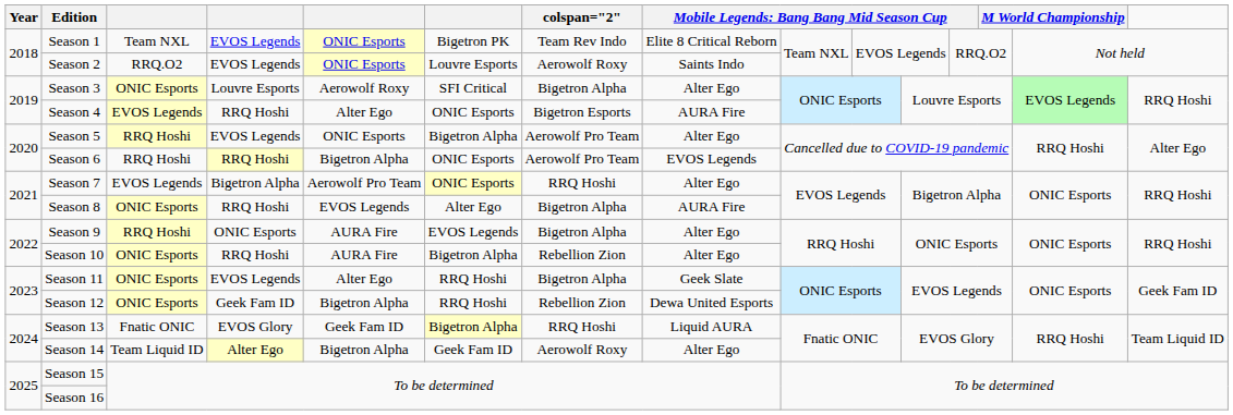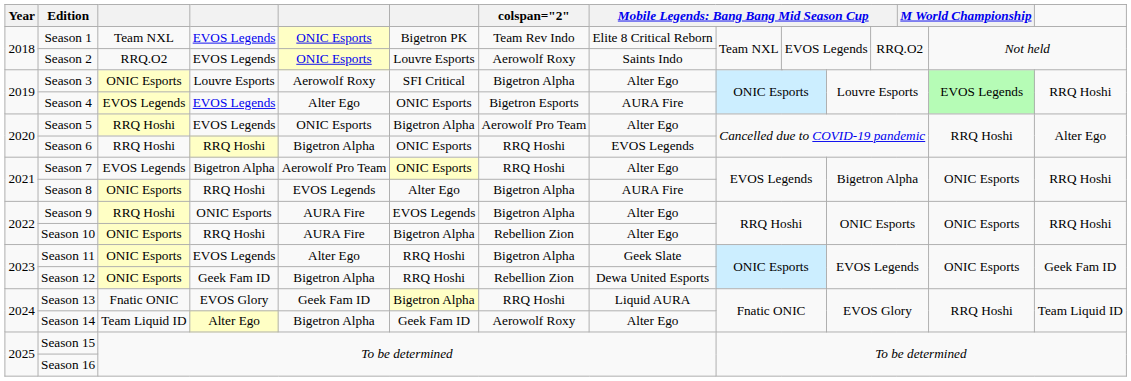 <table class="wikitable" style="text-align:center; margin-left: auto; margin-right: auto; font-size:90%;">
 <tr>
 <th>Year</th>
 <th>Edition</th>
 <th></th>
 <th></th>
 <th></th>
 <th></th>
 <th>colspan="2" </th>
 <th colspan="6"><em><a href='#'>Mobile Legends: Bang Bang Mid Season Cup</a></em></th>
 <th colspan="2"><em><a href='#'>M World Championship</a></em></th>
 </tr>
 <tr>
 <td rowspan="2">2018</td>
 <td>Season 1</td>
 <td>Team NXL</td>
 <td><a href='#'>EVOS Legends</a></td>
 <td style="background:#FFFFC5"><a href='#'>ONIC Esports</a></td>
 <td>Bigetron PK</td>
 <td>Team Rev Indo</td>
 <td>Elite 8 Critical Reborn</td>
 <td colspan="2" rowspan="2">Team NXL</td>
 <td colspan="2" rowspan="2">EVOS Legends</td>
 <td colspan="2" rowspan="2">RRQ.O2</td>
 <td colspan="2" rowspan="2"><em>Not held</em></td>
 </tr>
 <tr>
 <td>Season 2</td>
 <td>RRQ.O2</td>
 <td>EVOS Legends</td>
 <td style="background:#FFFFC5"><a href='#'>ONIC Esports</a></td>
 <td>Louvre Esports</td>
 <td>Aerowolf Roxy</td>
 <td>Saints Indo</td>
 </tr>
 <tr>
 <td rowspan="2">2019</td>
 <td>Season 3</td>
 <td style="background:#FFFFC5">ONIC Esports</td>
 <td>Louvre Esports</td>
 <td>Aerowolf Roxy</td>
 <td>SFI Critical</td>
 <td>Bigetron Alpha</td>
 <td>Alter Ego</td>
 <td colspan="3" rowspan="2" style="background:#CCEEFF; won">ONIC Esports</td>
 <td colspan="3" rowspan="2">Louvre Esports</td>
 <td rowspan="2" style="background:#b6fcb6;">EVOS Legends</td>
 <td rowspan="2">RRQ Hoshi</td>
 </tr>
 <tr>
 <td>Season 4</td>
 <td style="background:#FFFFC5">EVOS Legends</td>
-<td>RRQ Hoshi</td>
+<td><a href='#'>EVOS Legends</a></td>
 <td>Alter Ego</td>
 <td>ONIC Esports</td>
 <td>Bigetron Esports</td>
 <td>AURA Fire</td>
 </tr>
 <tr>
 <td rowspan="2">2020</td>
 <td>Season 5</td>
 <td style="background:#FFFFC5">RRQ Hoshi</td>
 <td>EVOS Legends</td>
 <td>ONIC Esports</td>
 <td>Bigetron Alpha</td>
 <td>Aerowolf Pro Team</td>
 <td>Alter Ego</td>
 <td colspan="6" rowspan="2"><em>Cancelled due to <a href='#'>COVID-19 pandemic</a></em></td>
 <td rowspan="2">RRQ Hoshi</td>
 <td rowspan="2">Alter Ego</td>
 </tr>
 <tr>
 <td>Season 6</td>
 <td>RRQ Hoshi</td>
 <td style="background:#FFFFC5">RRQ Hoshi</td>
 <td>Bigetron Alpha</td>
 <td>ONIC Esports</td>
-<td>Aerowolf Pro Team</td>
+<td>RRQ Hoshi</td>
 <td>EVOS Legends</td>
 </tr>
 <tr>
 <td rowspan="2">2021</td>
 <td>Season 7</td>
 <td>EVOS Legends</td>
 <td>Bigetron Alpha</td>
 <td>Aerowolf Pro Team</td>
 <td style="background:#FFFFC5">ONIC Esports</td>
 <td>RRQ Hoshi</td>
 <td>Alter Ego</td>
 <td colspan="3" rowspan="2">EVOS Legends</td>
 <td colspan="3" rowspan="2">Bigetron Alpha</td>
 <td rowspan="2">ONIC Esports</td>
 <td rowspan="2">RRQ Hoshi</td>
 </tr>
 <tr>
 <td>Season 8</td>
 <td style="background:#FFFFC5">ONIC Esports</td>
 <td>RRQ Hoshi</td>
 <td>EVOS Legends</td>
 <td>Alter Ego</td>
 <td>Bigetron Alpha</td>
 <td>AURA Fire</td>
 </tr>
 <tr>
 <td rowspan="2">2022</td>
 <td>Season 9</td>
 <td style="background:#FFFFC5">RRQ Hoshi</td>
 <td>ONIC Esports</td>
 <td>AURA Fire</td>
 <td>EVOS Legends</td>
 <td>Bigetron Alpha</td>
 <td>Alter Ego</td>
 <td colspan="3" rowspan="2">RRQ Hoshi</td>
 <td colspan="3" rowspan="2">ONIC Esports</td>
 <td rowspan="2">ONIC Esports</td>
 <td rowspan="2">RRQ Hoshi</td>
 </tr>
 <tr>
 <td>Season 10</td>
 <td style="background:#FFFFC5">ONIC Esports</td>
 <td>RRQ Hoshi</td>
 <td>AURA Fire</td>
 <td>Bigetron Alpha</td>
 <td>Rebellion Zion</td>
 <td>Alter Ego</td>
 </tr>
 <tr>
 <td rowspan="2">2023</td>
 <td>Season 11</td>
 <td style="background:#FFFFC5">ONIC Esports</td>
 <td>EVOS Legends</td>
 <td>Alter Ego</td>
 <td>RRQ Hoshi</td>
 <td>Bigetron Alpha</td>
 <td>Geek Slate</td>
 <td colspan="3" rowspan="2" style="background:#CCEEFF; won">ONIC Esports</td>
 <td colspan="3" rowspan="2">EVOS Legends</td>
 <td rowspan="2">ONIC Esports</td>
 <td rowspan="2">Geek Fam ID</td>
 </tr>
 <tr>
 <td>Season 12</td>
 <td style="background:#FFFFC5">ONIC Esports</td>
 <td>Geek Fam ID</td>
 <td>Bigetron Alpha</td>
 <td>RRQ Hoshi</td>
 <td>Rebellion Zion</td>
 <td>Dewa United Esports</td>
 </tr>
 <tr>
 <td rowspan="2">2024</td>
 <td>Season 13</td>
 <td>Fnatic ONIC</td>
 <td>EVOS Glory</td>
 <td>Geek Fam ID</td>
 <td style="background:#FFFFC5">Bigetron Alpha</td>
 <td>RRQ Hoshi</td>
 <td>Liquid AURA</td>
 <td colspan="3" rowspan="2">Fnatic ONIC</td>
 <td colspan="3" rowspan="2">EVOS Glory</td>
 <td rowspan="2">RRQ Hoshi</td>
 <td rowspan="2">Team Liquid ID</td>
 </tr>
 <tr>
 <td>Season 14</td>
 <td>Team Liquid ID</td>
 <td style="background:#FFFFC5">Alter Ego</td>
 <td>Bigetron Alpha</td>
 <td>Geek Fam ID</td>
 <td>Aerowolf Roxy</td>
 <td>Alter Ego</td>
 </tr>
 <tr>
 <td rowspan="2">2025</td>
 <td>Season 15</td>
 <td colspan="6" rowspan="2"><em>To be determined</em></td>
 <td colspan="8" rowspan="2"><em>To be determined</em></td>
 </tr>
 <tr>
 <td>Season 16</td>
 </tr>
 </table>
